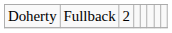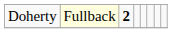 <table class="wikitable">
 <tr>
 </tr>
 <tr>
 <td>Doherty</td>
-<td>Fullback</td>
-<td>2</td>
+<td style="background: lightyellow;">Fullback</td>
+<td><strong>2</strong></td>
 <td></td>
 <td></td>
 <td></td>
 <td></td>
 <td></td>
 </tr>
 <tr>
 </tr>
 </table>
